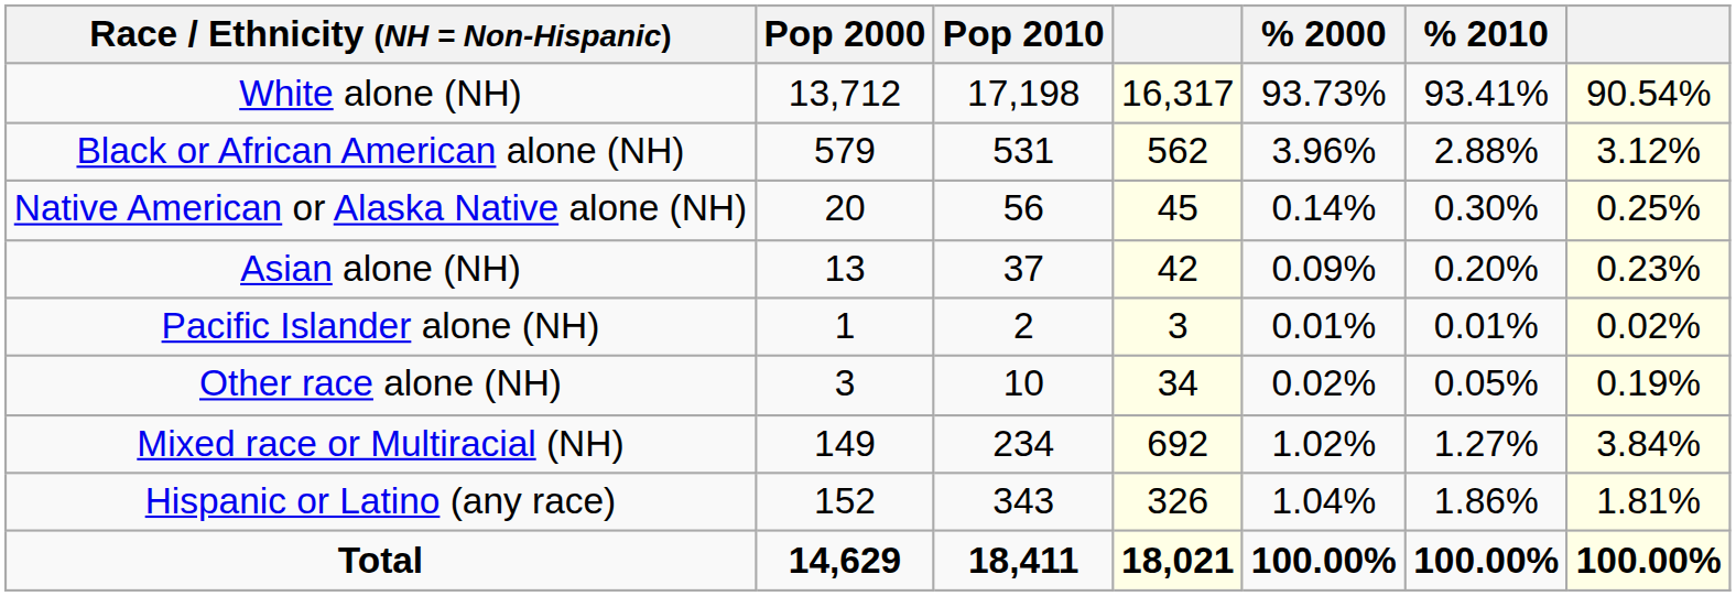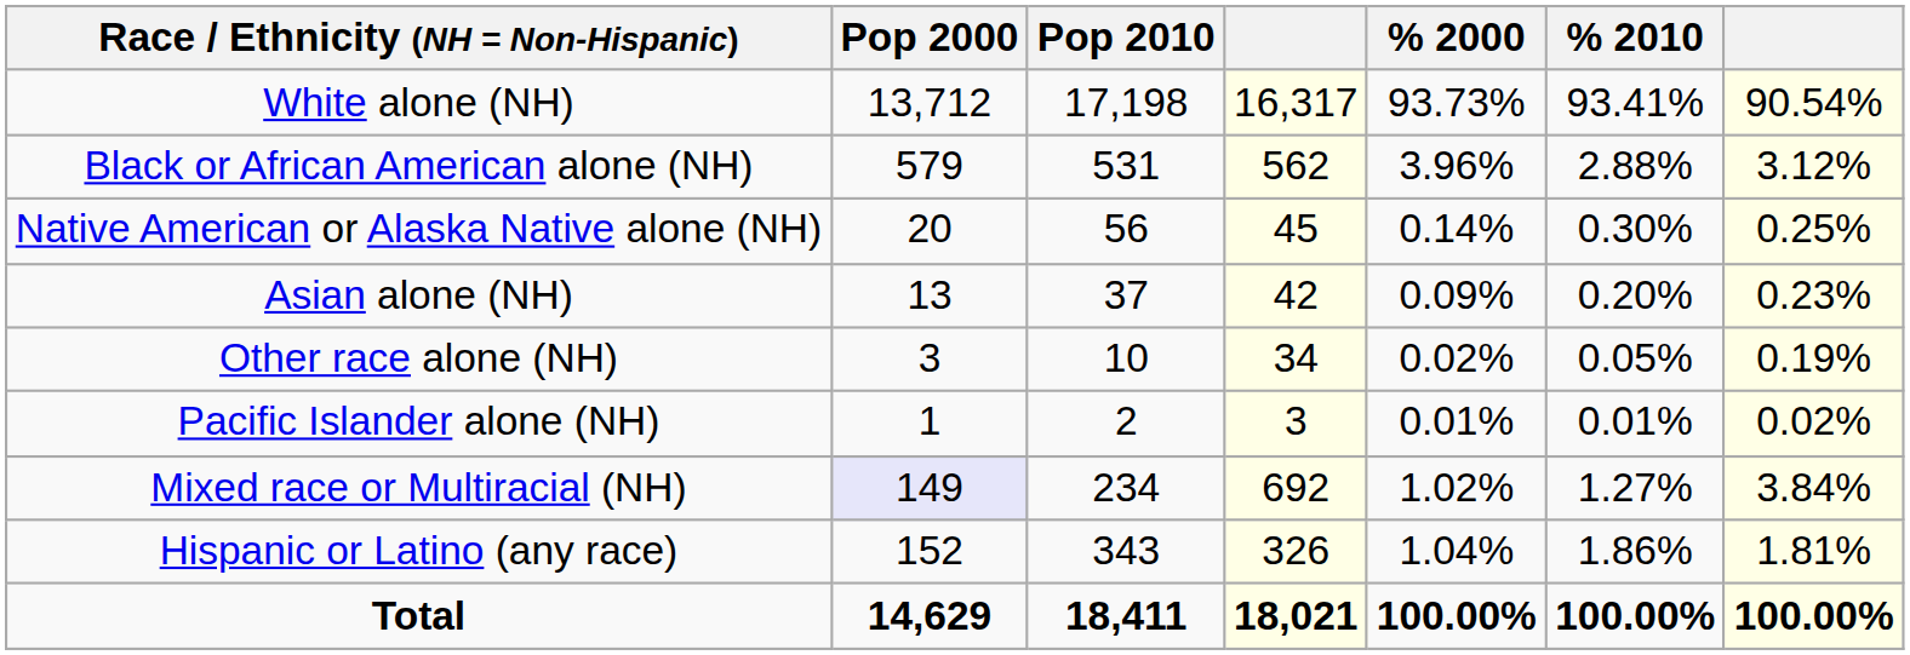 <table class="wikitable" style="text-align:center;">
 <tr>
 <th>Race / Ethnicity <small>(<em>NH = Non-Hispanic</em>)</small></th>
 <th>Pop 2000</th>
 <th>Pop 2010</th>
 <th></th>
 <th>% 2000</th>
 <th>% 2010</th>
 <th></th>
 </tr>
 <tr>
 <td><a href='#'>White</a> alone (NH)</td>
 <td>13,712</td>
 <td>17,198</td>
 <td style='background: #ffffe6;'>16,317</td>
 <td>93.73%</td>
 <td>93.41%</td>
 <td style='background: #ffffe6;'>90.54%</td>
 </tr>
 <tr>
 <td><a href='#'>Black or African American</a> alone (NH)</td>
 <td>579</td>
 <td>531</td>
 <td style='background: #ffffe6;'>562</td>
 <td>3.96%</td>
 <td>2.88%</td>
 <td style='background: #ffffe6;'>3.12%</td>
 </tr>
 <tr>
 <td><a href='#'>Native American</a> or <a href='#'>Alaska Native</a> alone (NH)</td>
 <td>20</td>
 <td>56</td>
 <td style='background: #ffffe6;'>45</td>
 <td>0.14%</td>
 <td>0.30%</td>
 <td style='background: #ffffe6;'>0.25%</td>
 </tr>
 <tr>
 <td><a href='#'>Asian</a> alone (NH)</td>
 <td>13</td>
 <td>37</td>
 <td style='background: #ffffe6;'>42</td>
 <td>0.09%</td>
 <td>0.20%</td>
 <td style='background: #ffffe6;'>0.23%</td>
 </tr>
 <tr>
+<td><a href='#'>Other race</a> alone (NH)</td>
+<td>3</td>
+<td>10</td>
+<td style='background: #ffffe6;'>34</td>
+<td>0.02%</td>
+<td>0.05%</td>
+<td style='background: #ffffe6;'>0.19%</td>
+</tr>
+<tr>
 <td><a href='#'>Pacific Islander</a> alone (NH)</td>
 <td>1</td>
 <td>2</td>
 <td style='background: #ffffe6;'>3</td>
 <td>0.01%</td>
 <td>0.01%</td>
 <td style='background: #ffffe6;'>0.02%</td>
 </tr>
 <tr>
-<td><a href='#'>Other race</a> alone (NH)</td>
-<td>3</td>
-<td>10</td>
-<td style='background: #ffffe6;'>34</td>
-<td>0.02%</td>
-<td>0.05%</td>
-<td style='background: #ffffe6;'>0.19%</td>
-</tr>
-<tr>
 <td><a href='#'>Mixed race or Multiracial</a> (NH)</td>
-<td>149</td>
+<td style="background: lavender;">149</td>
 <td>234</td>
 <td style='background: #ffffe6;'>692</td>
 <td>1.02%</td>
 <td>1.27%</td>
 <td style='background: #ffffe6;'>3.84%</td>
 </tr>
 <tr>
 <td><a href='#'>Hispanic or Latino</a> (any race)</td>
 <td>152</td>
 <td>343</td>
 <td style='background: #ffffe6;'>326</td>
 <td>1.04%</td>
 <td>1.86%</td>
 <td style='background: #ffffe6;'>1.81%</td>
 </tr>
 <tr>
 <td><strong>Total</strong></td>
 <td><strong>14,629</strong></td>
 <td><strong>18,411</strong></td>
 <td style='background: #ffffe6;'><strong>18,021</strong></td>
 <td><strong>100.00%</strong></td>
 <td><strong>100.00%</strong></td>
 <td style='background: #ffffe6;'><strong>100.00%</strong></td>
 </tr>
 </table>
